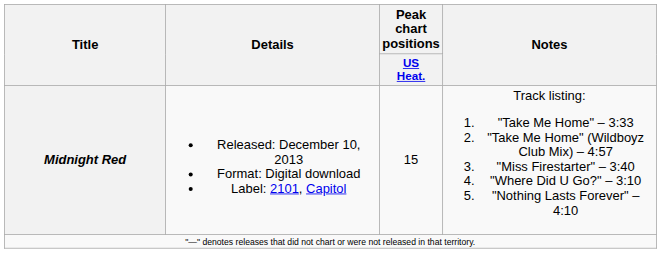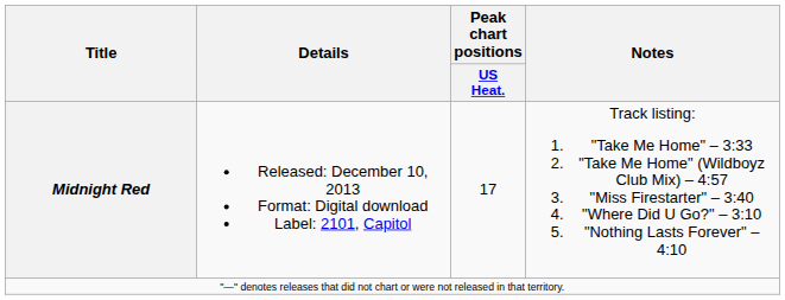 <table class="wikitable plainrowheaders" style="text-align:center;">
 <tr>
 <th scope="col" rowspan="2" style="width:12em;">Title</th>
 <th scope="col" rowspan="2" style="width:16em;">Details</th>
 <th scope="col">Peak<br>chart<br>positions</th>
 <th scope="col" rowspan="2" style="width:16em;">Notes</th>
 </tr>
 <tr>
 <th scope="col" style="width:4em;font-size:90%;"><a href='#'>US<br>Heat.</a><br></th>
 </tr>
 <tr>
 <th scope="row"><em>Midnight Red</em></th>
 <td><br><ul><li>Released: December 10, 2013</li><li>Format: Digital download</li><li>Label: <a href='#'>2101</a>, <a href='#'>Capitol</a></li></ul></td>
-<td>15</td>
+<td>17</td>
 <td>Track listing:<br><ol><li>"Take Me Home" – 3:33</li><li>"Take Me Home" (Wildboyz Club Mix) – 4:57</li><li>"Miss Firestarter" – 3:40</li><li>"Where Did U Go?" – 3:10</li><li>"Nothing Lasts Forever" – 4:10</li></ol></td>
 </tr>
 <tr>
 <td colspan="15" style="text-align:center; font-size:8pt;">"—" denotes releases that did not chart or were not released in that territory.</td>
 </tr>
 </table>
